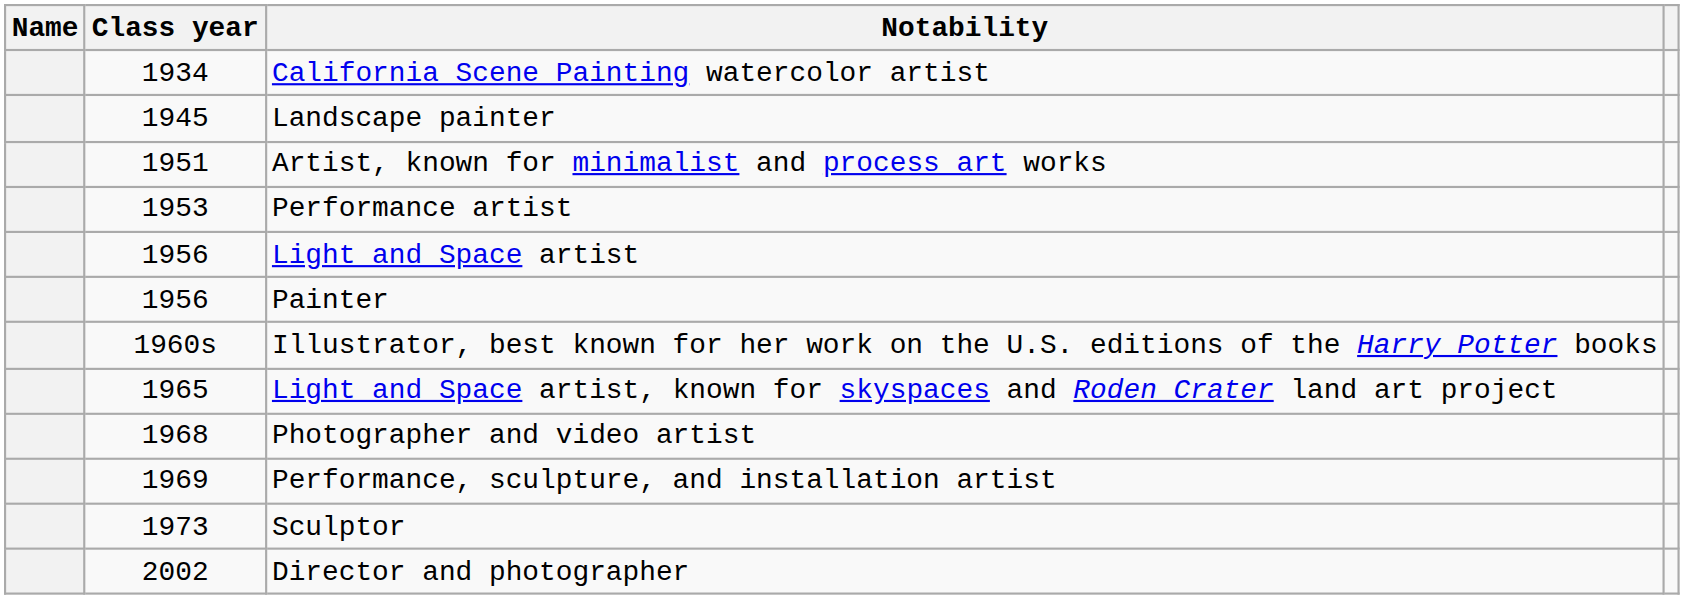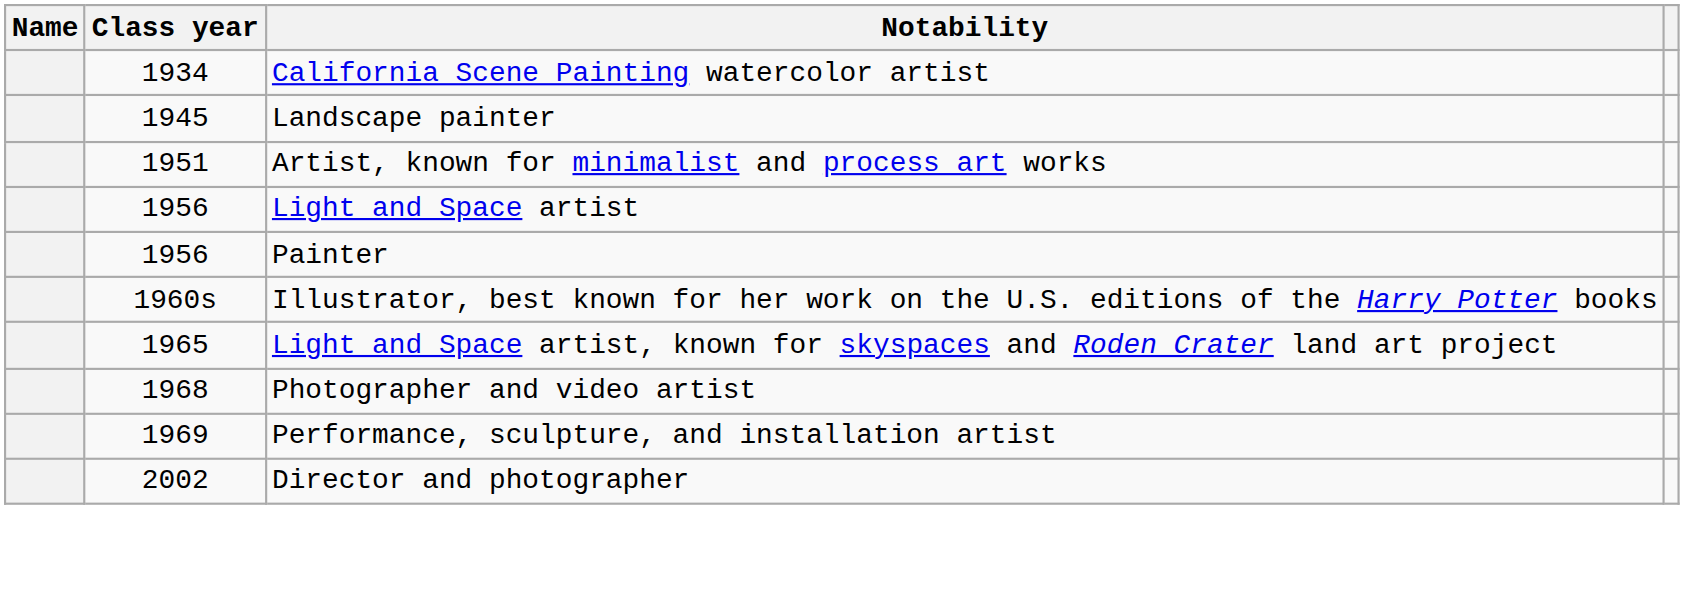 <table class="wikitable sortable plainrowheaders" style="text-align:center; border:2px solid #">
 <tr>
 <th scope="col">Name</th>
 <th scope="col">Class year</th>
 <th scope="col">Notability</th>
 <th scope="col"></th>
 </tr>
 <tr>
 <th scope="row"></th>
 <td>1934</td>
 <td style="text-align:left;"><a href='#'>California Scene Painting</a> watercolor artist</td>
 <td></td>
 </tr>
 <tr>
 <th scope="row"></th>
 <td>1945</td>
 <td style="text-align:left;">Landscape painter</td>
 <td></td>
 </tr>
 <tr>
 <th scope="row"></th>
 <td>1951</td>
 <td style="text-align:left;">Artist, known for <a href='#'>minimalist</a> and <a href='#'>process art</a> works</td>
-<td></td>
-</tr>
-<tr>
-<th scope="row"></th>
-<td>1953</td>
-<td style="text-align:left;">Performance artist</td>
 <td></td>
 </tr>
 <tr>
 <th scope="row"></th>
 <td>1956</td>
 <td style="text-align:left;"><a href='#'>Light and Space</a> artist</td>
 <td></td>
 </tr>
 <tr>
 <th scope="row"></th>
 <td>1956</td>
 <td style="text-align:left;">Painter</td>
 <td></td>
 </tr>
 <tr>
 <th scope="row"></th>
 <td>1960s</td>
 <td style="text-align:left;">Illustrator, best known for her work on the U.S. editions of the <em><a href='#'>Harry Potter</a></em> books</td>
 <td></td>
 </tr>
 <tr>
 <th scope="row"></th>
 <td>1965</td>
 <td style="text-align:left;"><a href='#'>Light and Space</a> artist, known for <a href='#'>skyspaces</a> and <em><a href='#'>Roden Crater</a></em> land art project</td>
 <td></td>
 </tr>
 <tr>
 <th scope="row"></th>
 <td>1968</td>
 <td style="text-align:left;">Photographer and video artist</td>
 <td></td>
 </tr>
 <tr>
 <th scope="row"></th>
 <td>1969</td>
 <td style="text-align:left;">Performance, sculpture, and installation artist</td>
 <td></td>
 </tr>
 <tr>
 <th scope="row"></th>
-<td>1973</td>
-<td style="text-align:left;">Sculptor</td>
-<td></td>
-</tr>
-<tr>
-<th scope="row"></th>
 <td>2002</td>
 <td style="text-align:left;">Director and photographer</td>
 <td></td>
 </tr>
 </table>
